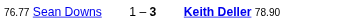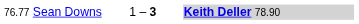 <table style="text-align:center">
 <tr>
 <th width=223></th>
 <th width=100></th>
 <th width=223></th>
 </tr>
 <tr>
 <td align=right><small>76.77</small> <a href='#'>Sean Downs</a> </td>
 <td>1 – <strong>3</strong></td>
-<td align=left> <strong><a href='#'>Keith Deller</a></strong> <small>78.90</small></td>
+<td align=left style="background: lightgrey;"> <strong><a href='#'>Keith Deller</a></strong> <small>78.90</small></td>
 </tr>
 </table>
